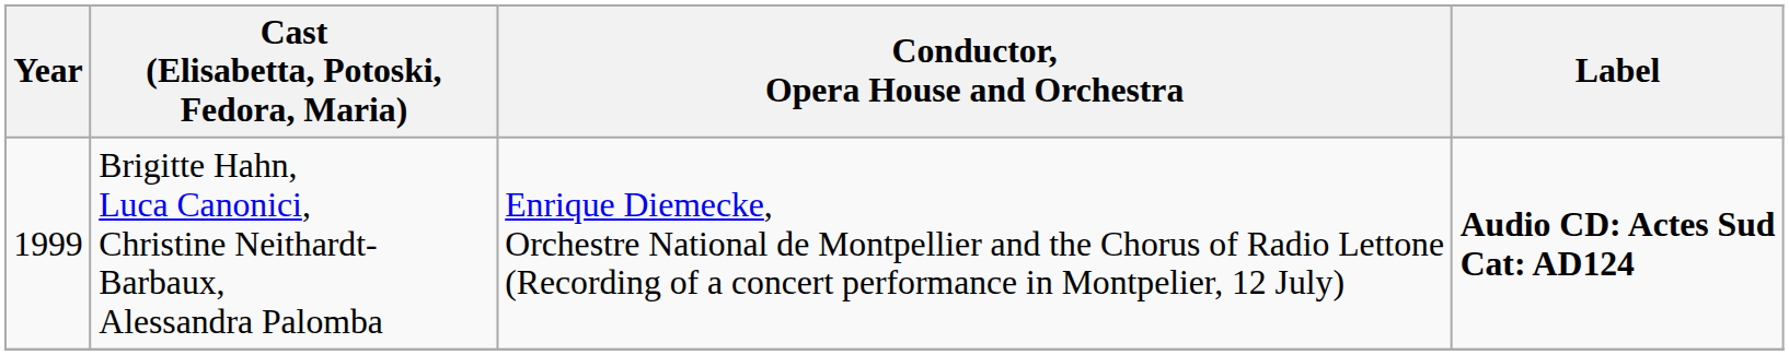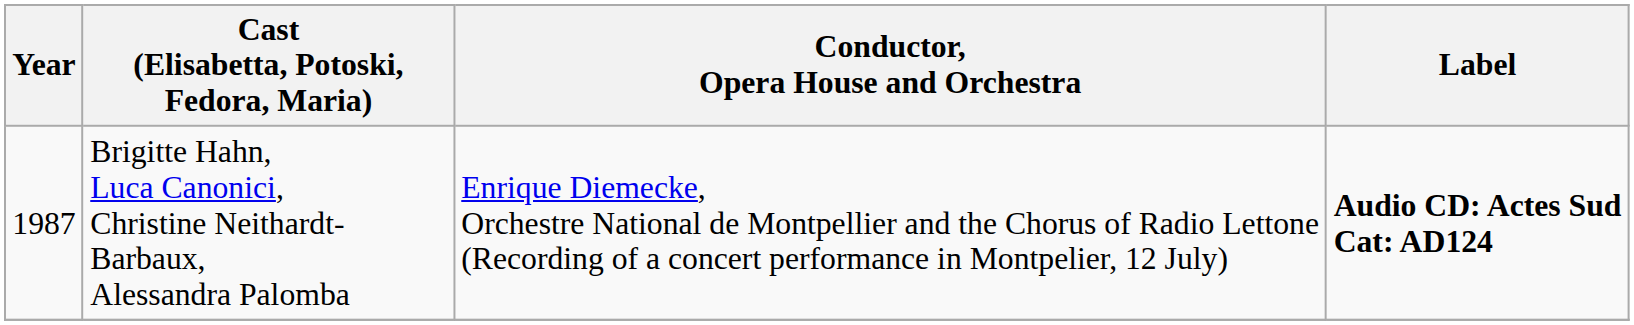 <table class="wikitable">
 <tr>
 <th>Year</th>
 <th width="180">Cast <br>(Elisabetta, Potoski, Fedora, Maria)</th>
 <th>Conductor,<br>Opera House and Orchestra</th>
 <th>Label</th>
 </tr>
 <tr>
-<td>1999</td>
+<td>1987</td>
 <td>Brigitte Hahn,<br><a href='#'>Luca Canonici</a>,<br>Christine Neithardt-Barbaux,<br>Alessandra Palomba</td>
 <td><a href='#'>Enrique Diemecke</a>,<br> Orchestre National de Montpellier and the Chorus of Radio Lettone<br>(Recording of a concert performance in Montpelier, 12 July)</td>
 <td><strong>Audio CD: Actes Sud<br>Cat: AD124</strong></td>
 </tr>
 <tr>
 </tr>
 </table>
